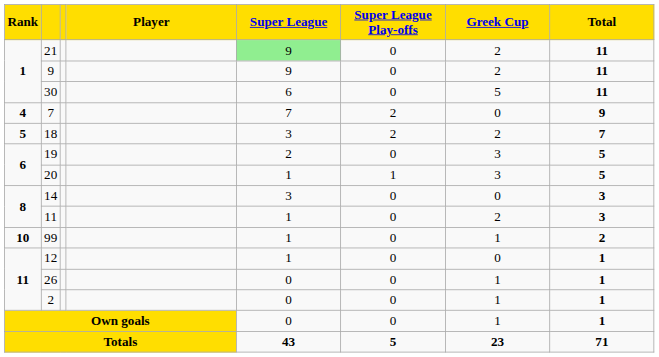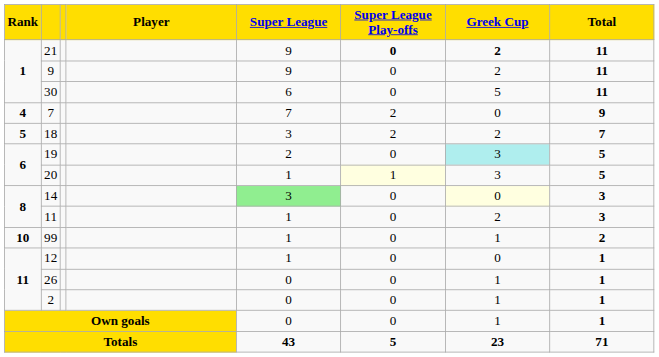 <table class="wikitable sortable" style="text-align:center">
 <tr>
 <th style="background:#FFDE00">Rank</th>
 <th style="background:#FFDE00"></th>
 <th style="background:#FFDE00"></th>
 <th width=200 style="background:#FFDE00">Player</th>
 <th width=120 style="background:#FFDE00"><a href='#'>Super League</a></th>
 <th width=120 style="background:#FFDE00"><a href='#'>Super League Play-offs</a></th>
 <th width=120 style="background:#FFDE00"><a href='#'>Greek Cup</a></th>
 <th width=120 style="background:#FFDE00">Total</th>
 </tr>
 <tr>
 <td rowspan=3><strong>1</strong></td>
 <td>21</td>
 <td></td>
 <td align=left></td>
-<td style="background: lightgreen;">9</td>
-<td>0</td>
-<td>2</td>
+<td>9</td>
+<td><strong>0</strong></td>
+<td><strong>2</strong></td>
 <td><strong>11</strong></td>
 </tr>
 <tr>
 <td>9</td>
 <td></td>
 <td align=left></td>
 <td>9</td>
 <td>0</td>
 <td>2</td>
 <td><strong>11</strong></td>
 </tr>
 <tr>
 <td>30</td>
 <td></td>
 <td align=left></td>
 <td>6</td>
 <td>0</td>
 <td>5</td>
 <td><strong>11</strong></td>
 </tr>
 <tr>
 <td><strong>4</strong></td>
 <td>7</td>
 <td></td>
 <td align=left></td>
 <td>7</td>
 <td>2</td>
 <td>0</td>
 <td><strong>9</strong></td>
 </tr>
 <tr>
 <td><strong>5</strong></td>
 <td>18</td>
 <td></td>
 <td align=left></td>
 <td>3</td>
 <td>2</td>
 <td>2</td>
 <td><strong>7</strong></td>
 </tr>
 <tr>
 <td rowspan=2><strong>6</strong></td>
 <td>19</td>
 <td></td>
 <td align=left></td>
 <td>2</td>
 <td>0</td>
-<td>3</td>
+<td style="background: paleturquoise;">3</td>
 <td><strong>5</strong></td>
 </tr>
 <tr>
 <td>20</td>
 <td></td>
 <td align=left></td>
 <td>1</td>
-<td>1</td>
+<td style="background: lightyellow;">1</td>
 <td>3</td>
 <td><strong>5</strong></td>
 </tr>
 <tr>
 <td rowspan=2><strong>8</strong></td>
 <td>14</td>
 <td></td>
 <td align=left></td>
-<td>3</td>
+<td style="background: lightgreen;">3</td>
 <td>0</td>
-<td>0</td>
+<td style="background: lightyellow;">0</td>
 <td><strong>3</strong></td>
 </tr>
 <tr>
 <td>11</td>
 <td></td>
 <td align=left></td>
 <td>1</td>
 <td>0</td>
 <td>2</td>
 <td><strong>3</strong></td>
 </tr>
 <tr>
 <td><strong>10</strong></td>
 <td>99</td>
 <td></td>
 <td align=left></td>
 <td>1</td>
 <td>0</td>
 <td>1</td>
 <td><strong>2</strong></td>
 </tr>
 <tr>
 <td rowspan=3><strong>11</strong></td>
 <td>12</td>
 <td></td>
 <td align=left></td>
 <td>1</td>
 <td>0</td>
 <td>0</td>
 <td><strong>1</strong></td>
 </tr>
 <tr>
 <td>26</td>
 <td></td>
 <td align=left></td>
 <td>0</td>
 <td>0</td>
 <td>1</td>
 <td><strong>1</strong></td>
 </tr>
 <tr>
 <td>2</td>
 <td></td>
 <td align=left></td>
 <td>0</td>
 <td>0</td>
 <td>1</td>
 <td><strong>1</strong></td>
 </tr>
 <tr class="sortbottom">
 <td colspan=4 style="background:#FFDE00"><strong>Own goals</strong></td>
 <td>0</td>
 <td>0</td>
 <td>1</td>
 <td><strong>1</strong></td>
 </tr>
 <tr class="sortbottom">
 <th colspan=4 style="background:#FFDE00"><strong>Totals</strong></th>
 <td><strong>43</strong></td>
 <td><strong> 5</strong></td>
 <td><strong>23</strong></td>
 <td><strong>71</strong></td>
 </tr>
 </table>
